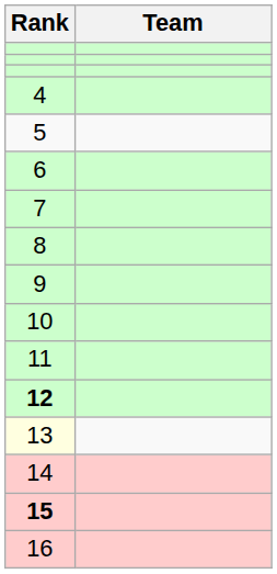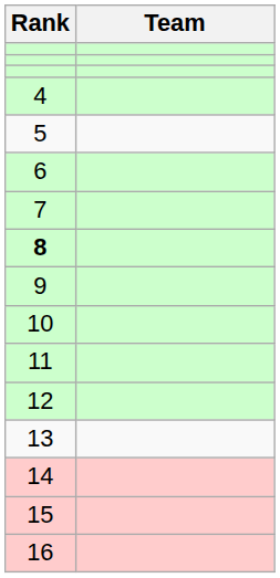 <table class=wikitable style="text-align:center;">
 <tr>
 <th>Rank</th>
 <th width=125>Team</th>
 </tr>
 <tr bgcolor=#ccffcc>
 <td></td>
 <td align=left></td>
 </tr>
 <tr bgcolor=#ccffcc>
 <td></td>
 <td align=left></td>
 </tr>
 <tr bgcolor=#ccffcc>
 <td></td>
 <td align=left></td>
 </tr>
 <tr bgcolor=#ccffcc>
 <td>4</td>
 <td align=left></td>
 </tr>
 <tr -bgcolor=skyblue>
 <td>5</td>
 <td align=left></td>
 </tr>
 <tr bgcolor=#ccffcc>
 <td>6</td>
 <td align=left></td>
 </tr>
 <tr bgcolor=#ccffcc>
 <td>7</td>
 <td align=left></td>
 </tr>
 <tr bgcolor=#ccffcc>
-<td>8</td>
+<td><strong>8</strong></td>
 <td align=left></td>
 </tr>
 <tr bgcolor=#ccffcc>
 <td>9</td>
 <td align=left></td>
 </tr>
 <tr bgcolor=#ccffcc>
 <td>10</td>
 <td align=left></td>
 </tr>
 <tr bgcolor=#ccffcc>
 <td>11</td>
 <td align=left></td>
 </tr>
 <tr bgcolor=#ccffcc>
-<td><strong>12</strong></td>
+<td>12</td>
 <td align=left></td>
 </tr>
 <tr>
-<td style="background: lightyellow;">13</td>
+<td>13</td>
 <td align=left></td>
 </tr>
 <tr bgcolor=ffcccc>
 <td>14</td>
 <td align=left></td>
 </tr>
 <tr bgcolor=ffcccc>
-<td><strong>15</strong></td>
+<td>15</td>
 <td align=left></td>
 </tr>
 <tr bgcolor=ffcccc>
 <td>16</td>
 <td align=left></td>
 </tr>
 </table>
